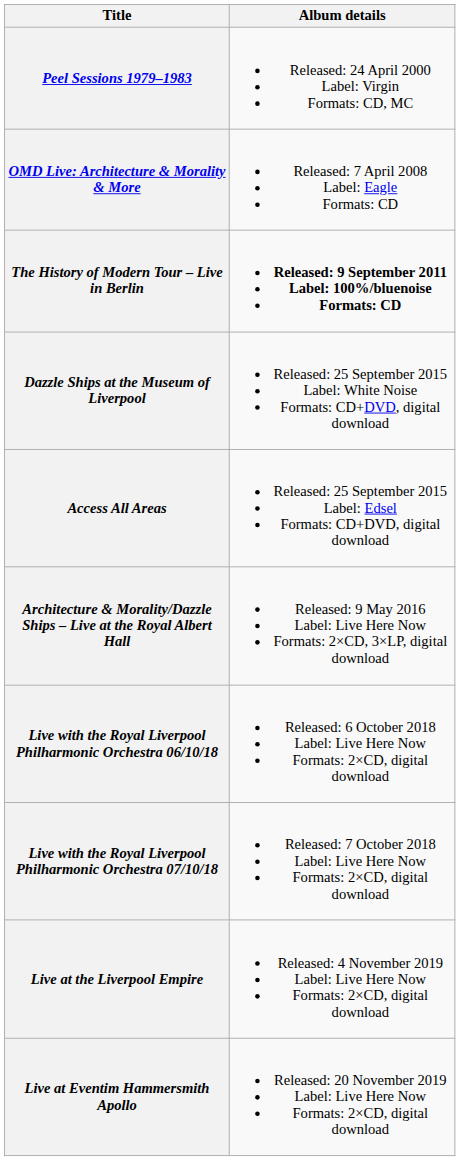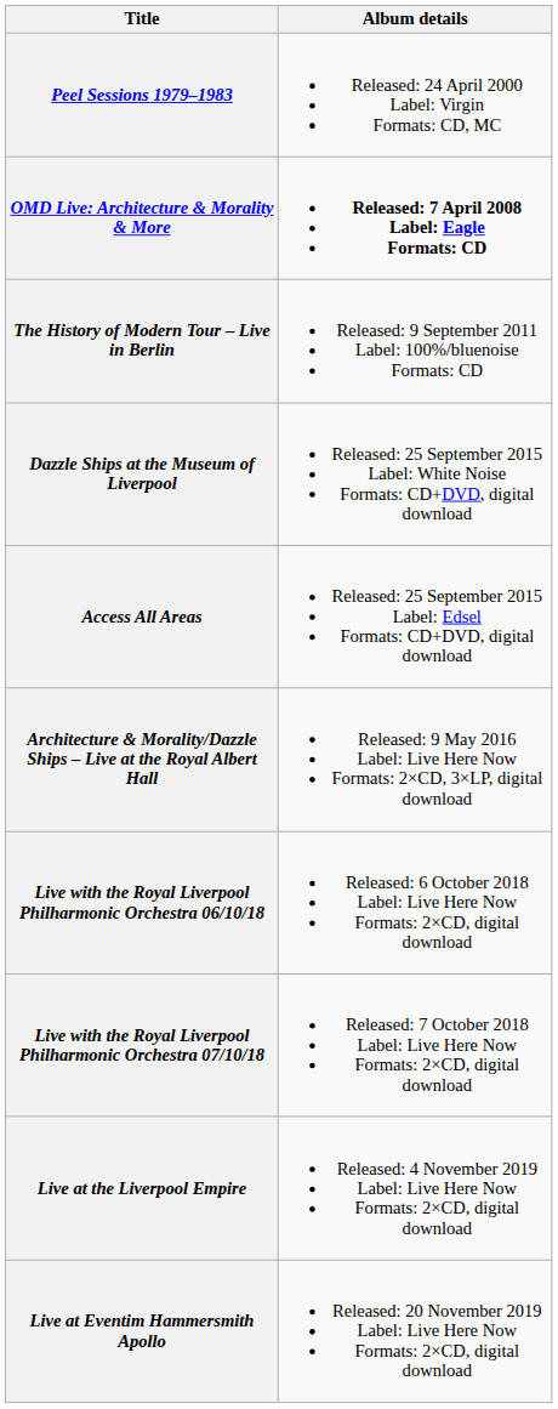 <table class="wikitable plainrowheaders" style="text-align:center;">
 <tr>
 <th scope="col" style="width:15em;">Title</th>
 <th scope="col" style="width:15em;">Album details</th>
 </tr>
 <tr>
 <th scope="row"><em><a href='#'>Peel Sessions 1979–1983</a></em></th>
 <td><br><ul><li>Released: 24 April 2000</li><li>Label: Virgin</li><li>Formats: CD, MC</li></ul></td>
 </tr>
 <tr>
 <th scope="row"><em><a href='#'>OMD Live: Architecture & Morality & More</a></em></th>
-<td><br><ul><li>Released: 7 April 2008</li><li>Label: <a href='#'>Eagle</a></li><li>Formats: CD</li></ul></td>
+<td><strong><br><ul><li>Released: 7 April 2008</li><li>Label: <a href='#'>Eagle</a></li><li>Formats: CD</li></ul></strong></td>
 </tr>
 <tr>
 <th scope="row"><em>The History of Modern Tour – Live in Berlin</em></th>
-<td><strong><br><ul><li>Released: 9 September 2011</li><li>Label: 100%/bluenoise</li><li>Formats: CD</li></ul></strong></td>
+<td><br><ul><li>Released: 9 September 2011</li><li>Label: 100%/bluenoise</li><li>Formats: CD</li></ul></td>
 </tr>
 <tr>
 <th scope="row"><em>Dazzle Ships at the Museum of Liverpool</em></th>
 <td><br><ul><li>Released: 25 September 2015</li><li>Label: White Noise</li><li>Formats: CD+<a href='#'>DVD</a>, digital download</li></ul></td>
 </tr>
 <tr>
 <th scope="row"><em>Access All Areas</em></th>
 <td><br><ul><li>Released: 25 September 2015</li><li>Label: <a href='#'>Edsel</a></li><li>Formats: CD+DVD, digital download</li></ul></td>
 </tr>
 <tr>
 <th scope="row"><em>Architecture & Morality/Dazzle Ships – Live at the Royal Albert Hall</em></th>
 <td><br><ul><li>Released: 9 May 2016</li><li>Label: Live Here Now</li><li>Formats: 2×CD, 3×LP, digital download</li></ul></td>
 </tr>
 <tr>
 <th scope="row"><em>Live with the Royal Liverpool Philharmonic Orchestra 06/10/18</em></th>
 <td><br><ul><li>Released: 6 October 2018</li><li>Label: Live Here Now</li><li>Formats: 2×CD, digital download</li></ul></td>
 </tr>
 <tr>
 <th scope="row"><em>Live with the Royal Liverpool Philharmonic Orchestra 07/10/18</em></th>
 <td><br><ul><li>Released: 7 October 2018</li><li>Label: Live Here Now</li><li>Formats: 2×CD, digital download</li></ul></td>
 </tr>
 <tr>
 <th scope="row"><em>Live at the Liverpool Empire</em></th>
 <td><br><ul><li>Released: 4 November 2019</li><li>Label: Live Here Now</li><li>Formats: 2×CD, digital download</li></ul></td>
 </tr>
 <tr>
 <th scope="row"><em>Live at Eventim Hammersmith Apollo</em></th>
 <td><br><ul><li>Released: 20 November 2019</li><li>Label: Live Here Now</li><li>Formats: 2×CD, digital download</li></ul></td>
 </tr>
 </table>
